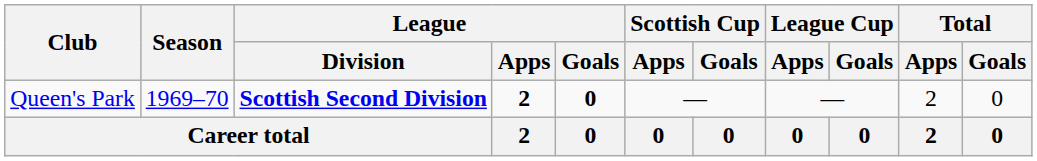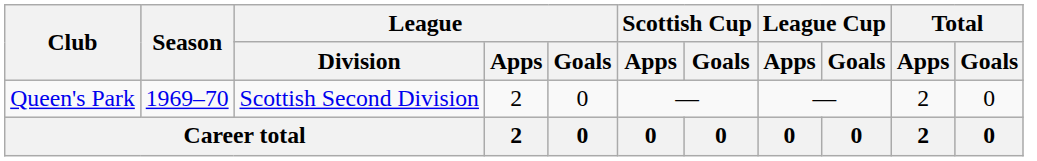 <table class="wikitable" style="text-align: center;">
 <tr>
 <th rowspan="2">Club</th>
 <th rowspan="2">Season</th>
 <th colspan="3">League</th>
 <th colspan="2">Scottish Cup</th>
 <th colspan="2">League Cup</th>
 <th colspan="2">Total</th>
 </tr>
 <tr>
 <th>Division</th>
 <th>Apps</th>
 <th>Goals</th>
 <th>Apps</th>
 <th>Goals</th>
 <th>Apps</th>
 <th>Goals</th>
 <th>Apps</th>
 <th>Goals</th>
 </tr>
 <tr>
 <td><a href='#'>Queen's Park</a></td>
 <td><a href='#'>1969–70</a></td>
-<td><strong><a href='#'>Scottish Second Division</a></strong></td>
-<td><strong>2</strong></td>
-<td><strong>0</strong></td>
+<td><a href='#'>Scottish Second Division</a></td>
+<td>2</td>
+<td>0</td>
 <td colspan="2">—</td>
 <td colspan="2">—</td>
 <td>2</td>
 <td>0</td>
 </tr>
 <tr>
 <th colspan="3">Career total</th>
 <th>2</th>
 <th>0</th>
 <th>0</th>
 <th>0</th>
 <th>0</th>
 <th>0</th>
 <th>2</th>
 <th>0</th>
 </tr>
 </table>
